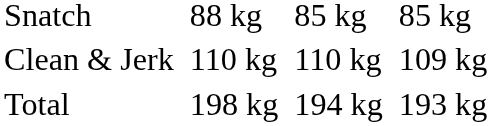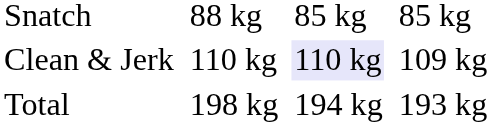 <table>
 <tr>
 <td>Snatch</td>
 <td></td>
 <td>88 kg</td>
 <td></td>
 <td>85 kg</td>
 <td></td>
 <td>85 kg</td>
 </tr>
 <tr>
 <td>Clean & Jerk</td>
 <td></td>
 <td>110 kg</td>
 <td></td>
-<td>110 kg</td>
+<td style="background: lavender;">110 kg</td>
 <td></td>
 <td>109 kg</td>
 </tr>
 <tr>
 <td>Total</td>
 <td></td>
 <td>198 kg</td>
 <td></td>
 <td>194 kg</td>
 <td></td>
 <td>193 kg</td>
 </tr>
 </table>
